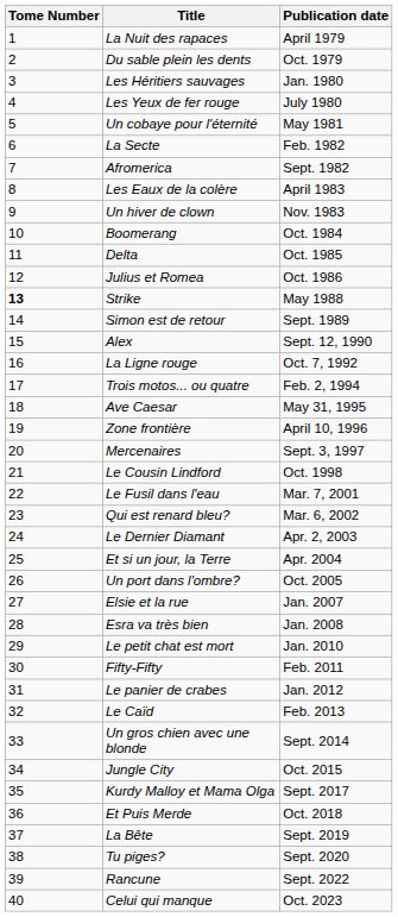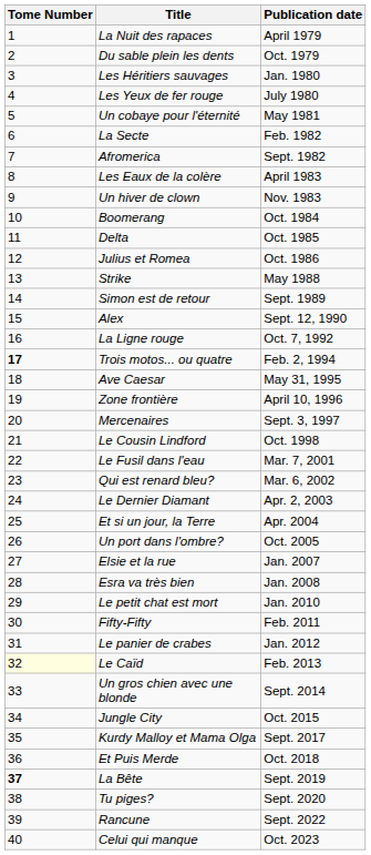 <table class="wikitable sortable plainrowheaders">
 <tr>
 <th scope="col">Tome Number</th>
 <th scope="col" style="width:200px;">Title</th>
 <th scope="col">Publication date</th>
 </tr>
 <tr>
 <td>1</td>
 <td><em>La Nuit des rapaces</em></td>
 <td>April 1979</td>
 </tr>
 <tr>
 <td>2</td>
 <td><em>Du sable plein les dents</em></td>
 <td>Oct. 1979</td>
 </tr>
 <tr>
 <td>3</td>
 <td><em>Les Héritiers sauvages </em></td>
 <td>Jan. 1980</td>
 </tr>
 <tr>
 <td>4</td>
 <td><em>Les Yeux de fer rouge</em></td>
 <td>July 1980</td>
 </tr>
 <tr>
 <td>5</td>
 <td><em>Un cobaye pour l'éternité</em></td>
 <td>May 1981</td>
 </tr>
 <tr>
 <td>6</td>
 <td><em>La Secte</em></td>
 <td>Feb. 1982</td>
 </tr>
 <tr>
 <td>7</td>
 <td><em>Afromerica</em></td>
 <td>Sept. 1982</td>
 </tr>
 <tr>
 <td>8</td>
 <td><em>Les Eaux de la colère</em></td>
 <td>April 1983</td>
 </tr>
 <tr>
 <td>9</td>
 <td><em>Un hiver de clown</em></td>
 <td>Nov. 1983</td>
 </tr>
 <tr>
 <td>10</td>
 <td><em>Boomerang</em></td>
 <td>Oct. 1984</td>
 </tr>
 <tr>
 <td>11</td>
 <td><em>Delta</em></td>
 <td>Oct. 1985</td>
 </tr>
 <tr>
 <td>12</td>
 <td><em>Julius et Romea</em></td>
 <td>Oct. 1986</td>
 </tr>
 <tr>
-<td><strong>13</strong></td>
+<td>13</td>
 <td><em>Strike</em></td>
 <td>May 1988</td>
 </tr>
 <tr>
 <td>14</td>
 <td><em>Simon est de retour</em></td>
 <td>Sept. 1989</td>
 </tr>
 <tr>
 <td>15</td>
 <td><em>Alex</em></td>
 <td>Sept. 12, 1990</td>
 </tr>
 <tr>
 <td>16</td>
 <td><em>La Ligne rouge</em></td>
 <td>Oct. 7, 1992</td>
 </tr>
 <tr>
-<td>17</td>
+<td><strong>17</strong></td>
 <td><em>Trois motos... ou quatre</em></td>
 <td>Feb. 2, 1994</td>
 </tr>
 <tr>
 <td>18</td>
 <td><em>Ave Caesar</em></td>
 <td>May 31, 1995</td>
 </tr>
 <tr>
 <td>19</td>
 <td><em>Zone frontière</em></td>
 <td>April 10, 1996</td>
 </tr>
 <tr>
 <td>20</td>
 <td><em>Mercenaires</em></td>
 <td>Sept. 3, 1997</td>
 </tr>
 <tr>
 <td>21</td>
 <td><em>Le Cousin Lindford</em></td>
 <td>Oct. 1998</td>
 </tr>
 <tr>
 <td>22</td>
 <td><em>Le Fusil dans l'eau</em></td>
 <td>Mar. 7, 2001</td>
 </tr>
 <tr>
 <td>23</td>
 <td><em>Qui est renard bleu?</em></td>
 <td>Mar. 6, 2002</td>
 </tr>
 <tr>
 <td>24</td>
 <td><em>Le Dernier Diamant</em></td>
 <td>Apr. 2, 2003</td>
 </tr>
 <tr>
 <td>25</td>
 <td><em>Et si un jour, la Terre</em></td>
 <td>Apr. 2004</td>
 </tr>
 <tr>
 <td>26</td>
 <td><em>Un port dans l'ombre?</em></td>
 <td>Oct. 2005</td>
 </tr>
 <tr>
 <td>27</td>
 <td><em>Elsie et la rue</em></td>
 <td>Jan. 2007</td>
 </tr>
 <tr>
 <td>28</td>
 <td><em>Esra va très bien</em></td>
 <td>Jan. 2008</td>
 </tr>
 <tr>
 <td>29</td>
 <td><em>Le petit chat est mort</em></td>
 <td>Jan. 2010</td>
 </tr>
 <tr>
 <td>30</td>
 <td><em>Fifty-Fifty</em></td>
 <td>Feb. 2011</td>
 </tr>
 <tr>
 <td>31</td>
 <td><em>Le panier de crabes</em></td>
 <td>Jan. 2012</td>
 </tr>
 <tr>
-<td>32</td>
+<td style="background: lightyellow;">32</td>
 <td><em>Le Caïd</em></td>
 <td>Feb. 2013</td>
 </tr>
 <tr>
 <td>33</td>
 <td><em>Un gros chien avec une blonde</em></td>
 <td>Sept. 2014</td>
 </tr>
 <tr>
 <td>34</td>
 <td><em>Jungle City</em></td>
 <td>Oct. 2015</td>
 </tr>
 <tr>
 <td>35</td>
 <td><em>Kurdy Malloy et Mama Olga</em></td>
 <td>Sept. 2017</td>
 </tr>
 <tr>
 <td>36</td>
 <td><em>Et Puis Merde</em></td>
 <td>Oct. 2018</td>
 </tr>
 <tr>
-<td>37</td>
+<td><strong>37</strong></td>
 <td><em>La Bête</em></td>
 <td>Sept. 2019</td>
 </tr>
 <tr>
 <td>38</td>
 <td><em>Tu piges?</em></td>
 <td>Sept. 2020</td>
 </tr>
 <tr>
 <td>39</td>
 <td><em>Rancune</em></td>
 <td>Sept. 2022</td>
 </tr>
 <tr>
 <td>40</td>
 <td><em>Celui qui manque</em></td>
 <td>Oct. 2023</td>
 </tr>
 </table>
